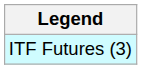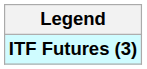 <table class=wikitable style=font-size:97%>
 <tr>
 <th>Legend</th>
 </tr>
 <tr bgcolor=cffcff>
-<td>ITF Futures (3)</td>
+<td><strong>ITF Futures (3)</strong></td>
 </tr>
 </table>
